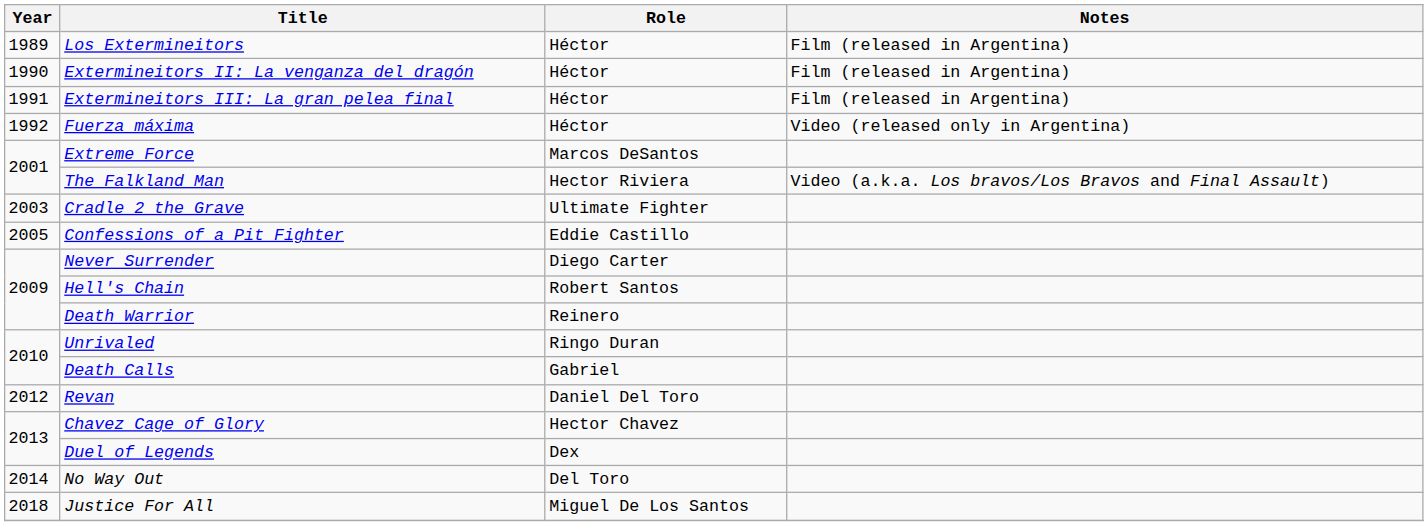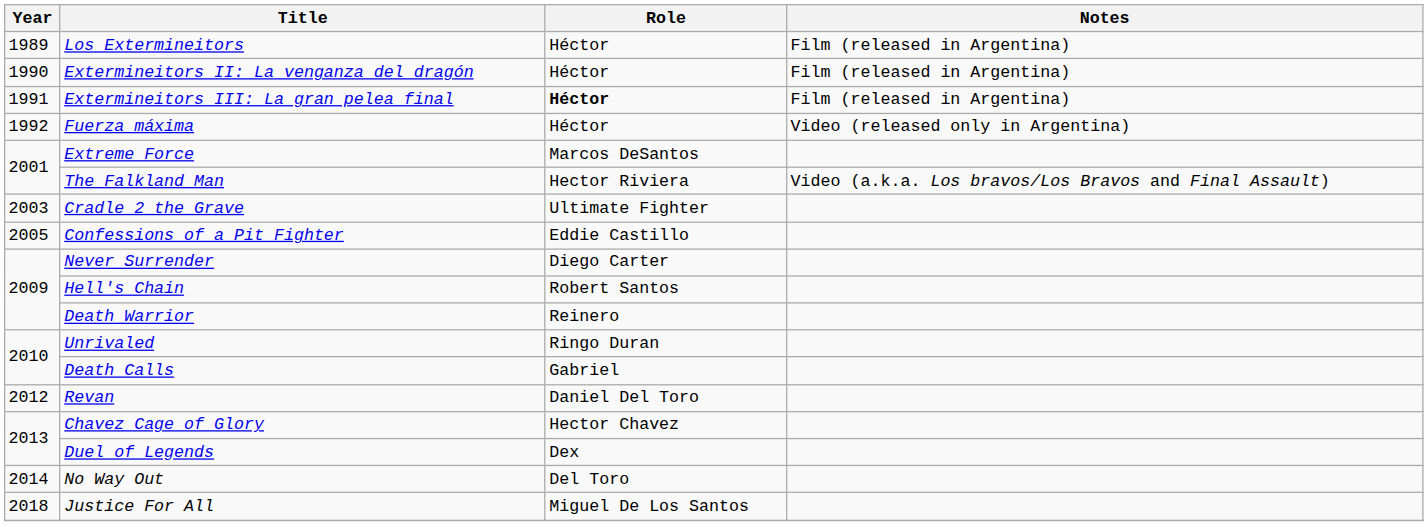 <table class="wikitable sortable" width=70%>
 <tr>
 <th>Year</th>
 <th>Title</th>
 <th>Role</th>
 <th class = "unsortable">Notes</th>
 </tr>
 <tr>
 <td>1989</td>
 <td><em><a href='#'>Los Extermineitors</a></em></td>
 <td>Héctor</td>
 <td>Film (released in Argentina)</td>
 </tr>
 <tr>
 <td>1990</td>
 <td><em><a href='#'>Extermineitors II: La venganza del dragón</a></em></td>
 <td>Héctor</td>
 <td>Film (released in Argentina)</td>
 </tr>
 <tr>
 <td>1991</td>
 <td><em><a href='#'>Extermineitors III: La gran pelea final</a></em></td>
-<td>Héctor</td>
+<td><strong>Héctor</strong></td>
 <td>Film (released in Argentina)</td>
 </tr>
 <tr>
 <td>1992</td>
 <td><em><a href='#'>Fuerza máxima</a></em></td>
 <td>Héctor</td>
 <td>Video (released only in Argentina)</td>
 </tr>
 <tr>
 <td rowspan="2">2001</td>
 <td><em><a href='#'>Extreme Force</a></em></td>
 <td>Marcos DeSantos</td>
 <td></td>
 </tr>
 <tr>
 <td><em><a href='#'>The Falkland Man</a></em></td>
 <td>Hector Riviera</td>
 <td>Video (a.k.a. <em>Los bravos/Los Bravos</em> and <em>Final Assault</em>)</td>
 </tr>
 <tr>
 <td>2003</td>
 <td><em><a href='#'>Cradle 2 the Grave</a></em></td>
 <td>Ultimate Fighter</td>
 <td></td>
 </tr>
 <tr>
 <td>2005</td>
 <td><em><a href='#'>Confessions of a Pit Fighter</a></em></td>
 <td>Eddie Castillo</td>
 <td></td>
 </tr>
 <tr>
 <td rowspan="3">2009</td>
 <td><em><a href='#'>Never Surrender</a></em></td>
 <td>Diego Carter</td>
 <td></td>
 </tr>
 <tr>
 <td><em><a href='#'>Hell's Chain</a></em></td>
 <td>Robert Santos</td>
 <td></td>
 </tr>
 <tr>
 <td><em><a href='#'>Death Warrior</a></em></td>
 <td>Reinero</td>
 <td></td>
 </tr>
 <tr>
 <td rowspan="2">2010</td>
 <td><em><a href='#'>Unrivaled</a></em></td>
 <td>Ringo Duran</td>
 <td></td>
 </tr>
 <tr>
 <td><em><a href='#'>Death Calls</a></em></td>
 <td>Gabriel</td>
 <td></td>
 </tr>
 <tr>
 <td>2012</td>
 <td><em><a href='#'>Revan</a></em></td>
 <td>Daniel Del Toro</td>
 <td></td>
 </tr>
 <tr>
 <td rowspan="2">2013</td>
 <td><em><a href='#'>Chavez Cage of Glory</a></em></td>
 <td>Hector Chavez</td>
 <td></td>
 </tr>
 <tr>
 <td><em><a href='#'>Duel of Legends</a></em></td>
 <td>Dex</td>
 <td></td>
 </tr>
 <tr>
 <td>2014</td>
 <td><em>No Way Out</em></td>
 <td>Del Toro</td>
 <td></td>
 </tr>
 <tr>
 <td>2018</td>
 <td><em>Justice For All</em></td>
 <td>Miguel De Los Santos</td>
 <td><br></td>
 </tr>
 <tr>
 </tr>
 </table>
